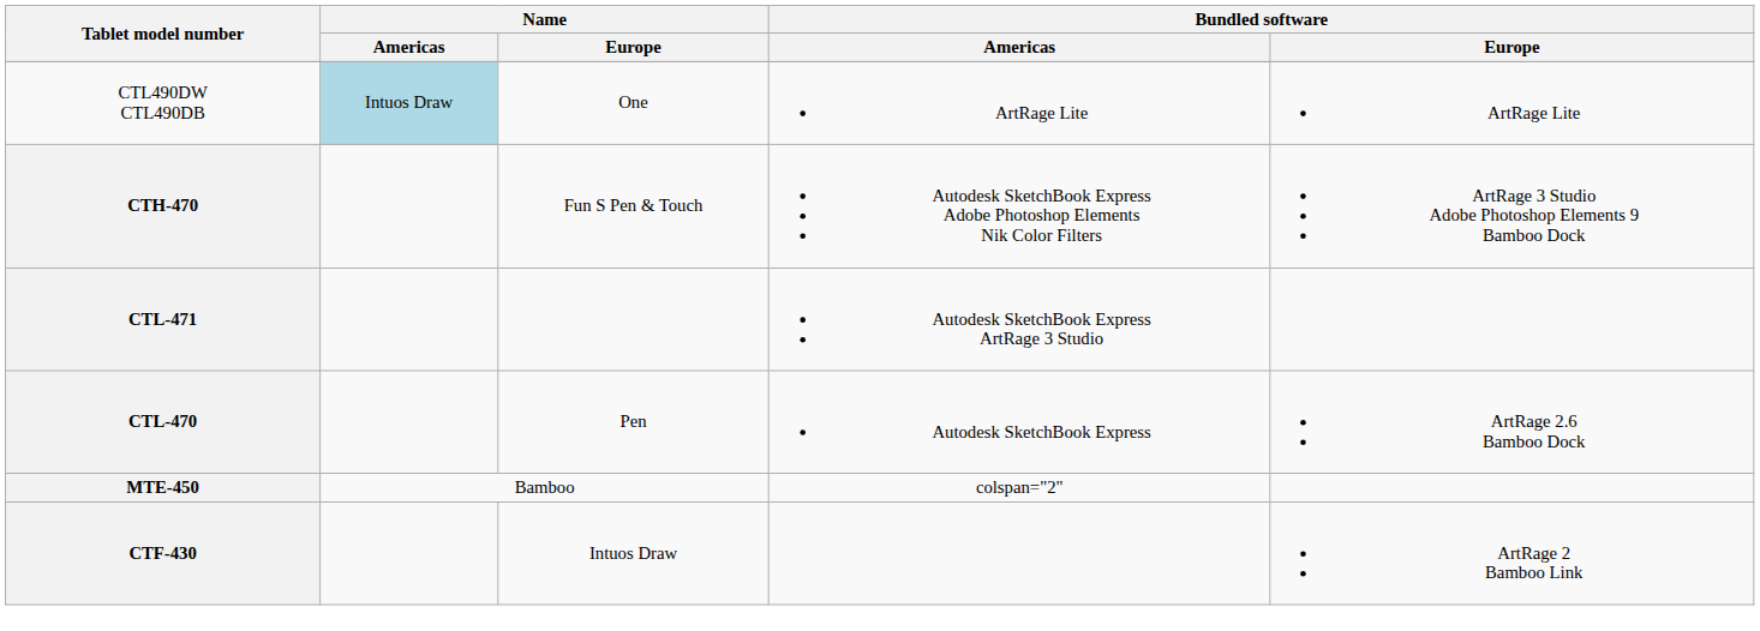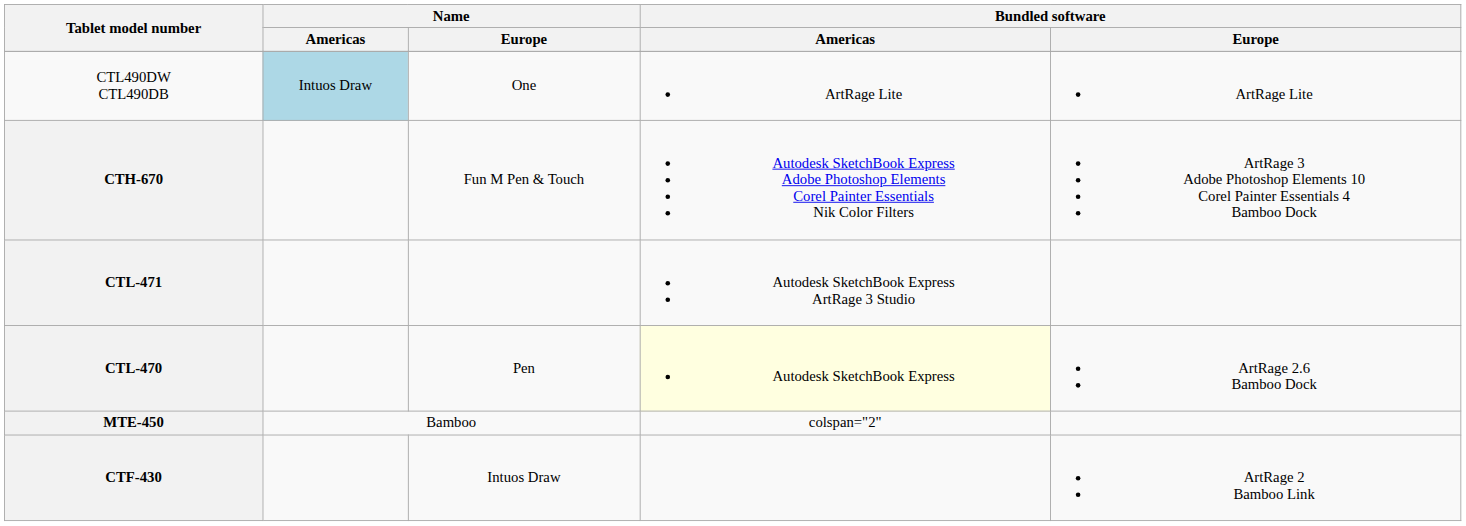 <table class="wikitable" style="width:100%; text-align:center;">
 <tr>
 <th rowspan="2">Tablet model number</th>
 <th colspan="2">Name</th>
 <th colspan="2">Bundled software</th>
 </tr>
 <tr>
 <th>Americas</th>
 <th>Europe</th>
 <th>Americas</th>
 <th>Europe</th>
 </tr>
 <tr>
 </tr>
 <tr>
 <td>CTL490DW<br>CTL490DB</td>
 <td style="background: lightblue;">Intuos Draw</td>
 <td>One</td>
 <td><br><ul><li>ArtRage Lite</li></ul></td>
 <td><br><ul><li>ArtRage Lite</li></ul></td>
 </tr>
 <tr>
-<th>CTH-470</th>
+<th>CTH-670</th>
 <td></td>
-<td>Fun S Pen & Touch</td>
-<td><br><ul><li>Autodesk SketchBook Express</li><li>Adobe Photoshop Elements</li><li>Nik Color Filters</li></ul></td>
-<td><br><ul><li>ArtRage 3 Studio</li><li>Adobe Photoshop Elements 9</li><li>Bamboo Dock</li></ul></td>
+<td>Fun M Pen & Touch</td>
+<td><br><ul><li><a href='#'>Autodesk SketchBook Express</a></li><li><a href='#'>Adobe Photoshop Elements</a></li><li><a href='#'>Corel Painter Essentials</a></li><li>Nik Color Filters</li></ul></td>
+<td><br><ul><li>ArtRage 3</li><li>Adobe Photoshop Elements 10</li><li>Corel Painter Essentials 4</li><li>Bamboo Dock</li></ul></td>
 </tr>
 <tr>
 <th>CTL-471</th>
 <td></td>
 <td></td>
 <td><br><ul><li>Autodesk SketchBook Express</li><li>ArtRage 3 Studio</li></ul></td>
 <td></td>
 </tr>
 <tr>
 <th>CTL-470</th>
 <td></td>
 <td>Pen</td>
-<td><br><ul><li>Autodesk SketchBook Express</li></ul></td>
+<td style="background: lightyellow;"><br><ul><li>Autodesk SketchBook Express</li></ul></td>
 <td><br><ul><li>ArtRage 2.6</li><li>Bamboo Dock</li></ul></td>
 </tr>
 <tr>
 <th>MTE-450</th>
 <td colspan="2">Bamboo</td>
 <td>colspan="2" </td>
 </tr>
 <tr>
 <th>CTF-430</th>
 <td></td>
 <td>Intuos Draw</td>
 <td></td>
 <td><br><ul><li>ArtRage 2</li><li>Bamboo Link</li></ul></td>
 </tr>
 </table>
